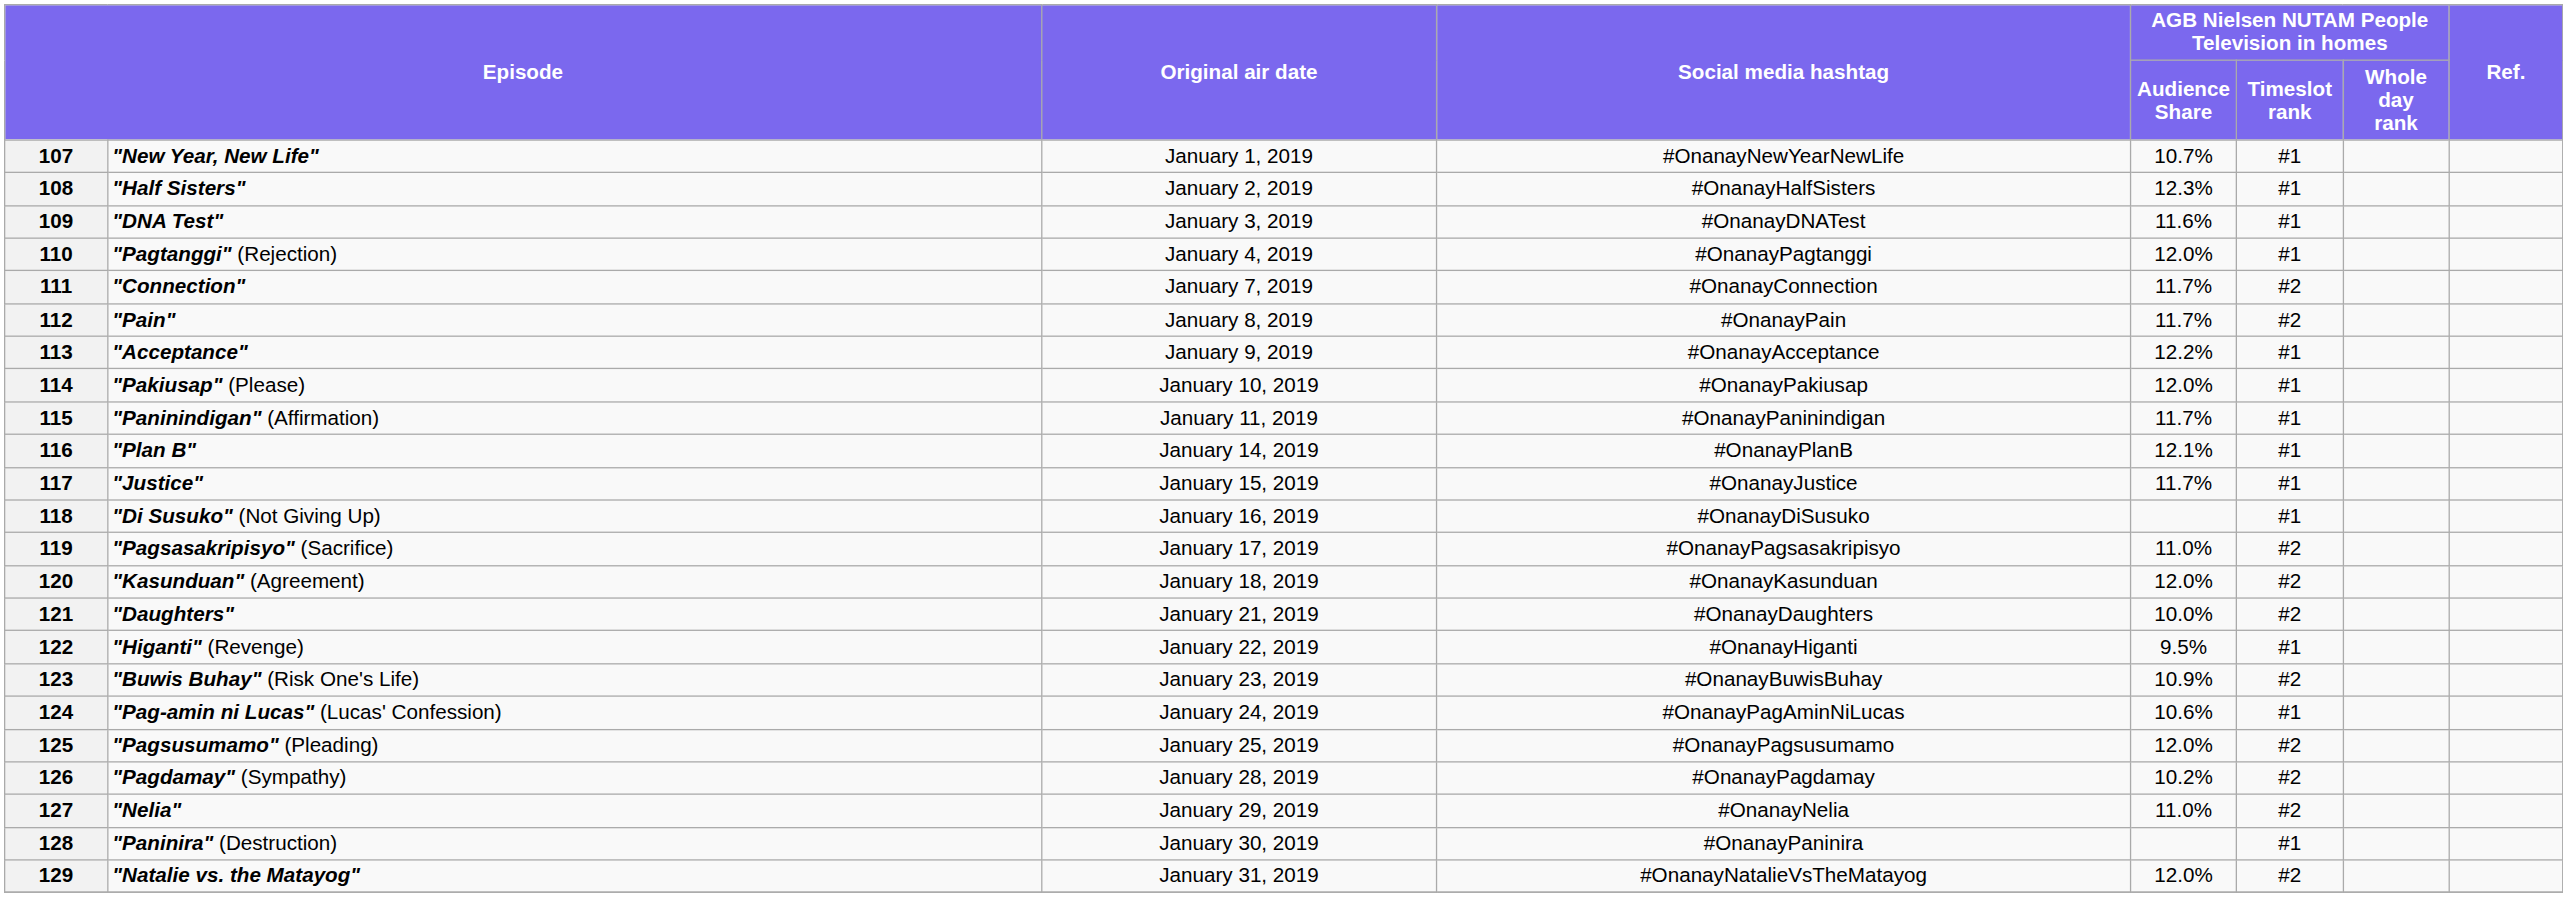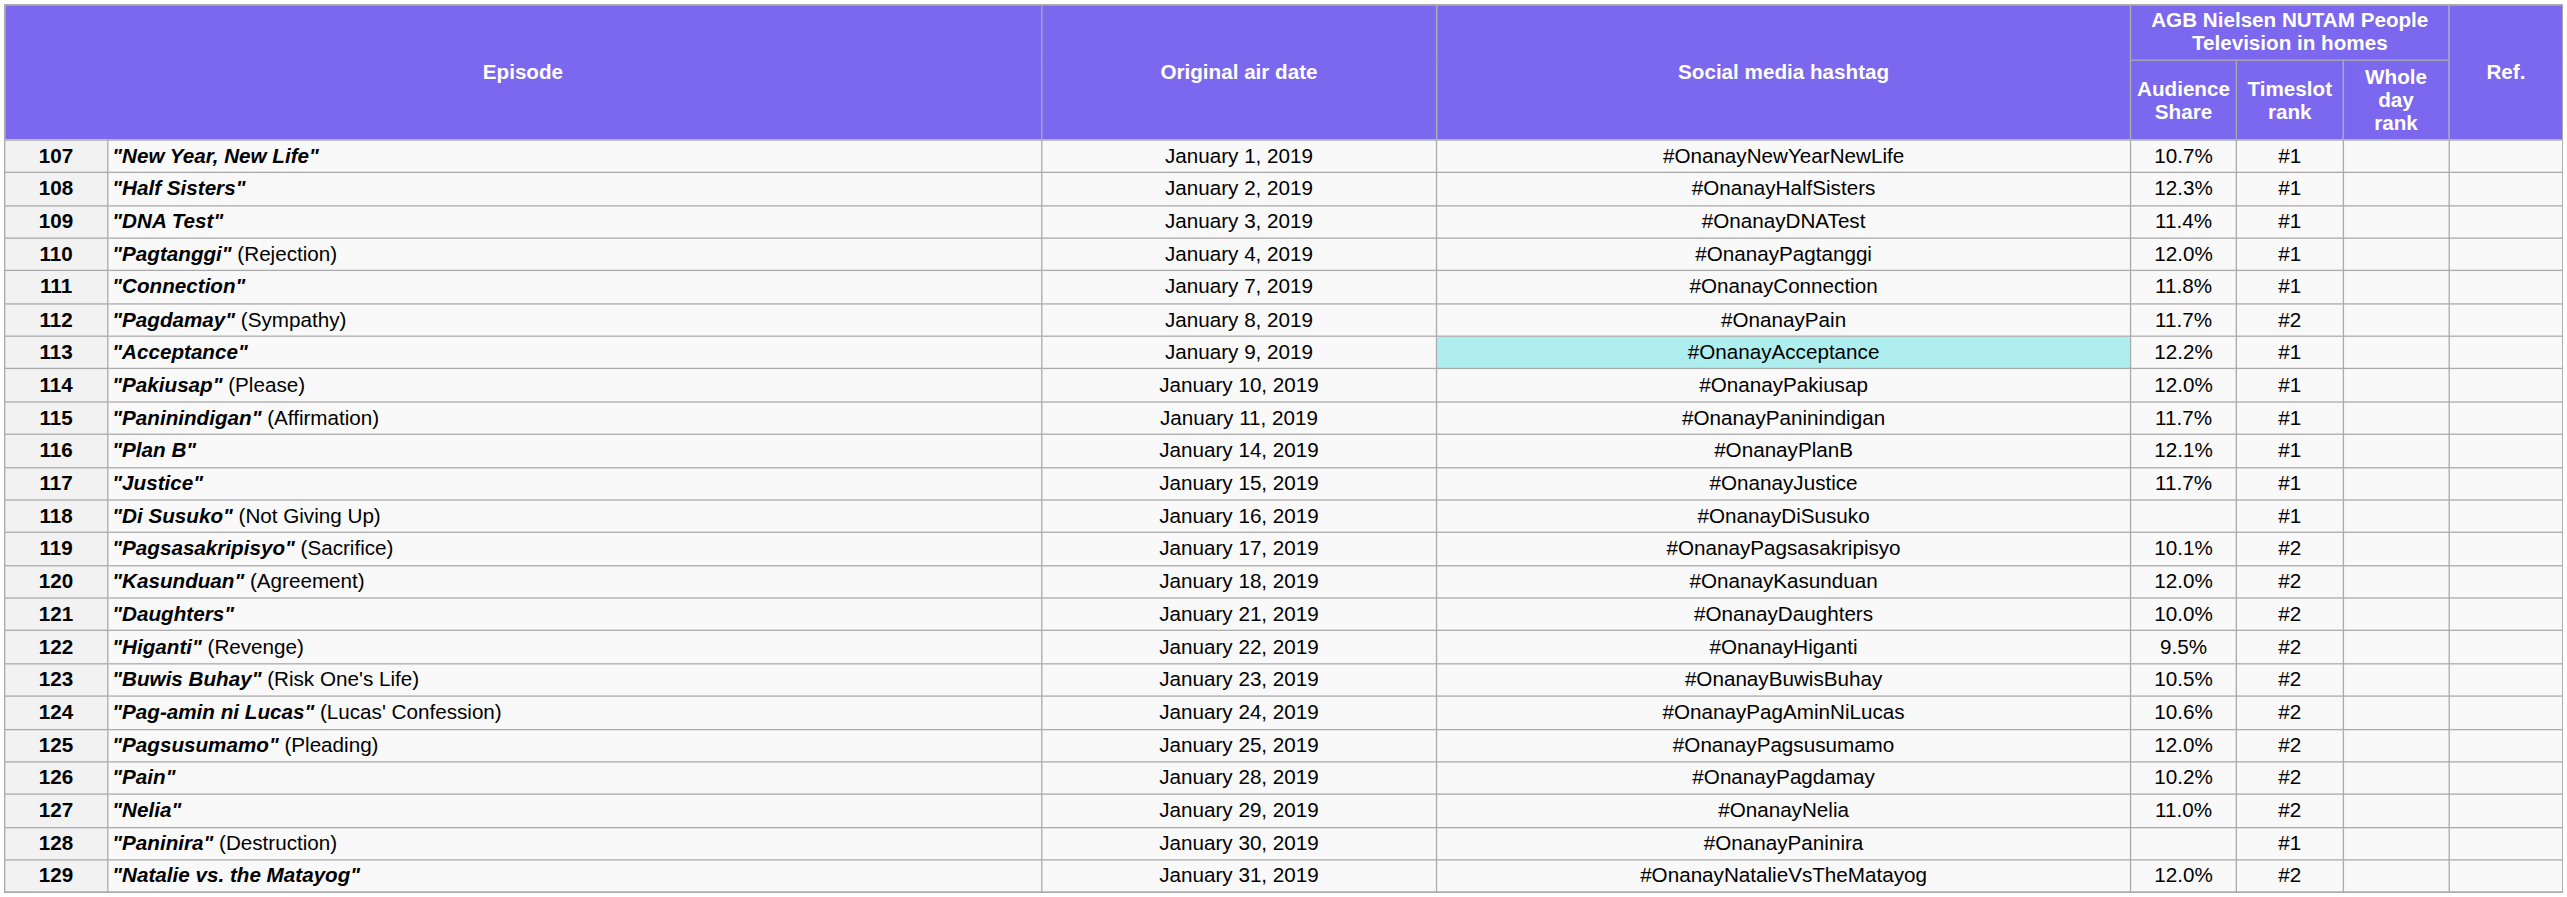 <table class="wikitable" style="text-align:center; font-size:100%; line-height:18px;" width="100%">
 <tr>
 <th style="background-color:#7B68EE; color:#ffffff;" colspan="2" rowspan="2">Episode</th>
 <th style="background-color:#7B68EE; color:white" rowspan="2">Original air date</th>
 <th style="background-color:#7B68EE; color:white" rowspan="2">Social media hashtag</th>
 <th style="background-color:#7B68EE; color:#ffffff;" colspan="3">AGB Nielsen NUTAM People Television in homes</th>
 <th style="background-color:#7B68EE; color:#ffffff;" rowspan="2">Ref.</th>
 </tr>
 <tr>
 <th style="background-color:#7B68EE; width:75px; color:#ffffff;">Audience Share</th>
 <th style="background-color:#7B68EE; width:75px; color:#ffffff;">Timeslot<br>rank</th>
 <th style="background-color:#7B68EE; width:75px; color:#ffffff;">Whole day<br>rank</th>
 </tr>
 <tr>
 <th>107</th>
 <td style="text-align: left;"><strong><em>"New Year, New Life"</em></strong></td>
 <td>January 1, 2019</td>
 <td>#OnanayNewYearNewLife</td>
 <td>10.7%</td>
 <td>#1</td>
 <td></td>
 <td></td>
 </tr>
 <tr>
 <th>108</th>
 <td style="text-align: left;"><strong><em>"Half Sisters"</em></strong></td>
 <td>January 2, 2019</td>
 <td>#OnanayHalfSisters</td>
 <td>12.3%</td>
 <td>#1</td>
 <td></td>
 <td></td>
 </tr>
 <tr>
 <th>109</th>
 <td style="text-align: left;"><strong><em>"DNA Test"</em></strong></td>
 <td>January 3, 2019</td>
 <td>#OnanayDNATest</td>
-<td>11.6%</td>
+<td>11.4%</td>
 <td>#1</td>
 <td></td>
 <td></td>
 </tr>
 <tr>
 <th>110</th>
 <td style="text-align: left;"><strong><em>"Pagtanggi"</em></strong> (Rejection)</td>
 <td>January 4, 2019</td>
 <td>#OnanayPagtanggi</td>
 <td>12.0%</td>
 <td>#1</td>
 <td></td>
 <td></td>
 </tr>
 <tr>
 <th>111</th>
 <td style="text-align: left;"><strong><em>"Connection"</em></strong></td>
 <td>January 7, 2019</td>
 <td>#OnanayConnection</td>
-<td>11.7%</td>
-<td>#2</td>
+<td>11.8%</td>
+<td>#1</td>
 <td></td>
 <td></td>
 </tr>
 <tr>
 <th>112</th>
-<td style="text-align: left;"><strong><em>"Pain"</em></strong></td>
+<td style="text-align: left;"><strong><em>"Pagdamay"</em></strong> (Sympathy)</td>
 <td>January 8, 2019</td>
 <td>#OnanayPain</td>
 <td>11.7%</td>
 <td>#2</td>
 <td></td>
 <td></td>
 </tr>
 <tr>
 <th>113</th>
 <td style="text-align: left;"><strong><em>"Acceptance"</em></strong></td>
 <td>January 9, 2019</td>
-<td>#OnanayAcceptance</td>
+<td style="background: paleturquoise;">#OnanayAcceptance</td>
 <td>12.2%</td>
 <td>#1</td>
 <td></td>
 <td></td>
 </tr>
 <tr>
 <th>114</th>
 <td style="text-align: left;"><strong><em>"Pakiusap"</em></strong> (Please)</td>
 <td>January 10, 2019</td>
 <td>#OnanayPakiusap</td>
 <td>12.0%</td>
 <td>#1</td>
 <td></td>
 <td></td>
 </tr>
 <tr>
 <th>115</th>
 <td style="text-align: left;"><strong><em>"Paninindigan"</em></strong> (Affirmation)</td>
 <td>January 11, 2019</td>
 <td>#OnanayPaninindigan</td>
 <td>11.7%</td>
 <td>#1</td>
 <td></td>
 <td></td>
 </tr>
 <tr>
 <th>116</th>
 <td style="text-align: left;"><strong><em>"Plan B"</em></strong></td>
 <td>January 14, 2019</td>
 <td>#OnanayPlanB</td>
 <td>12.1%</td>
 <td>#1</td>
 <td></td>
 <td></td>
 </tr>
 <tr>
 <th>117</th>
 <td style="text-align: left;"><strong><em>"Justice"</em></strong></td>
 <td>January 15, 2019</td>
 <td>#OnanayJustice</td>
 <td>11.7%</td>
 <td>#1</td>
 <td></td>
 <td></td>
 </tr>
 <tr>
 <th>118</th>
 <td style="text-align: left;"><strong><em>"Di Susuko"</em></strong> (Not Giving Up)</td>
 <td>January 16, 2019</td>
 <td>#OnanayDiSusuko</td>
 <td></td>
 <td>#1</td>
 <td></td>
 <td></td>
 </tr>
 <tr>
 <th>119</th>
 <td style="text-align: left;"><strong><em>"Pagsasakripisyo"</em></strong> (Sacrifice)</td>
 <td>January 17, 2019</td>
 <td>#OnanayPagsasakripisyo</td>
-<td>11.0%</td>
+<td>10.1%</td>
 <td>#2</td>
 <td></td>
 <td></td>
 </tr>
 <tr>
 <th>120</th>
 <td style="text-align: left;"><strong><em>"Kasunduan"</em></strong> (Agreement)</td>
 <td>January 18, 2019</td>
 <td>#OnanayKasunduan</td>
 <td>12.0%</td>
 <td>#2</td>
 <td></td>
 <td></td>
 </tr>
 <tr>
 <th>121</th>
 <td style="text-align: left;"><strong><em>"Daughters"</em></strong></td>
 <td>January 21, 2019</td>
 <td>#OnanayDaughters</td>
 <td>10.0%</td>
 <td>#2</td>
 <td></td>
 <td></td>
 </tr>
 <tr>
 <th>122</th>
 <td style="text-align: left;"><strong><em>"Higanti"</em></strong> (Revenge)</td>
 <td>January 22, 2019</td>
 <td>#OnanayHiganti</td>
 <td>9.5%</td>
-<td>#1</td>
+<td>#2</td>
 <td></td>
 <td></td>
 </tr>
 <tr>
 <th>123</th>
 <td style="text-align: left;"><strong><em>"Buwis Buhay"</em></strong> (Risk One's Life)</td>
 <td>January 23, 2019</td>
 <td>#OnanayBuwisBuhay</td>
-<td>10.9%</td>
+<td>10.5%</td>
 <td>#2</td>
 <td></td>
 <td></td>
 </tr>
 <tr>
 <th>124</th>
 <td style="text-align: left;"><strong><em>"Pag-amin ni Lucas"</em></strong> (Lucas' Confession)</td>
 <td>January 24, 2019</td>
 <td>#OnanayPagAminNiLucas</td>
 <td>10.6%</td>
-<td>#1</td>
+<td>#2</td>
 <td></td>
 <td></td>
 </tr>
 <tr>
 <th>125</th>
 <td style="text-align: left;"><strong><em>"Pagsusumamo"</em></strong> (Pleading)</td>
 <td>January 25, 2019</td>
 <td>#OnanayPagsusumamo</td>
 <td>12.0%</td>
 <td>#2</td>
 <td></td>
 <td></td>
 </tr>
 <tr>
 <th>126</th>
-<td style="text-align: left;"><strong><em>"Pagdamay"</em></strong> (Sympathy)</td>
+<td style="text-align: left;"><strong><em>"Pain"</em></strong></td>
 <td>January 28, 2019</td>
 <td>#OnanayPagdamay</td>
 <td>10.2%</td>
 <td>#2</td>
 <td></td>
 <td></td>
 </tr>
 <tr>
 <th>127</th>
 <td style="text-align: left;"><strong><em>"Nelia"</em></strong></td>
 <td>January 29, 2019</td>
 <td>#OnanayNelia</td>
 <td>11.0%</td>
 <td>#2</td>
 <td></td>
 <td></td>
 </tr>
 <tr>
 <th>128</th>
 <td style="text-align: left;"><strong><em>"Paninira"</em></strong> (Destruction)</td>
 <td>January 30, 2019</td>
 <td>#OnanayPaninira</td>
 <td></td>
 <td>#1</td>
 <td></td>
 <td></td>
 </tr>
 <tr>
 <th>129</th>
 <td style="text-align: left;"><strong><em>"Natalie vs. the Matayog"</em></strong></td>
 <td>January 31, 2019</td>
 <td>#OnanayNatalieVsTheMatayog</td>
 <td>12.0%</td>
 <td>#2</td>
 <td></td>
 <td></td>
 </tr>
 <tr>
 </tr>
 </table>
